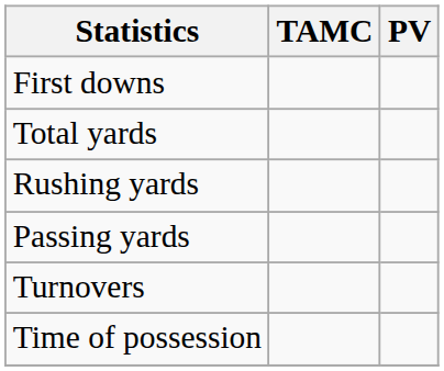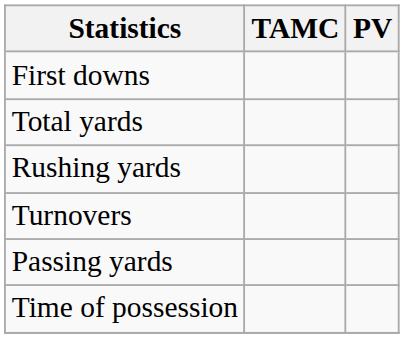 <table class="wikitable" style="float: left;">
 <tr>
 <th>Statistics</th>
 <th>TAMC</th>
 <th>PV</th>
 </tr>
 <tr>
 <td>First downs</td>
 <td></td>
 <td></td>
 </tr>
 <tr>
 <td>Total yards</td>
 <td></td>
 <td></td>
 </tr>
 <tr>
 <td>Rushing yards</td>
 <td></td>
 <td></td>
 </tr>
 <tr>
-<td>Passing yards</td>
+<td>Turnovers</td>
 <td></td>
 <td></td>
 </tr>
 <tr>
-<td>Turnovers</td>
+<td>Passing yards</td>
 <td></td>
 <td></td>
 </tr>
 <tr>
 <td>Time of possession</td>
 <td></td>
 <td></td>
 </tr>
 <tr>
 </tr>
 </table>
